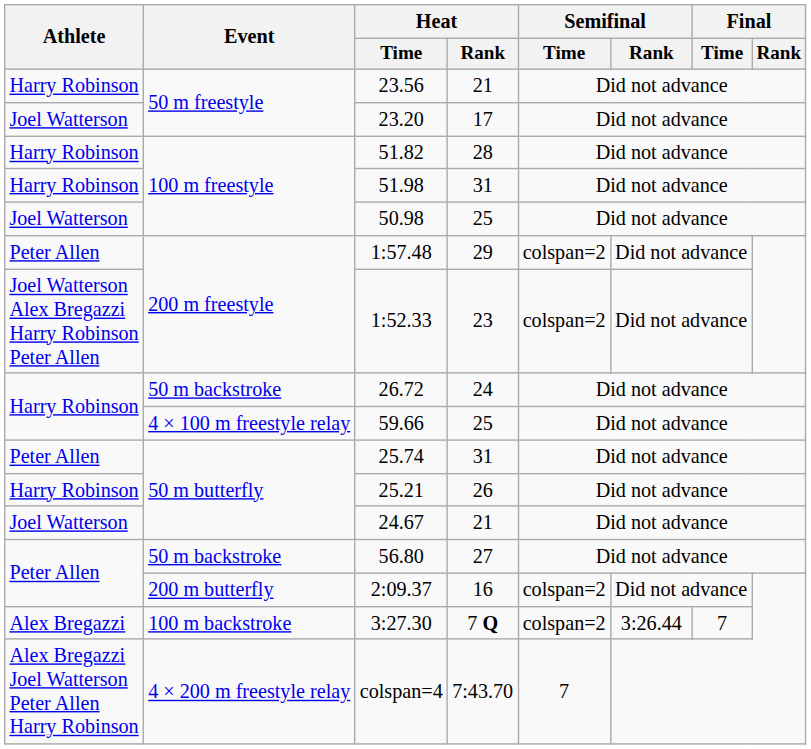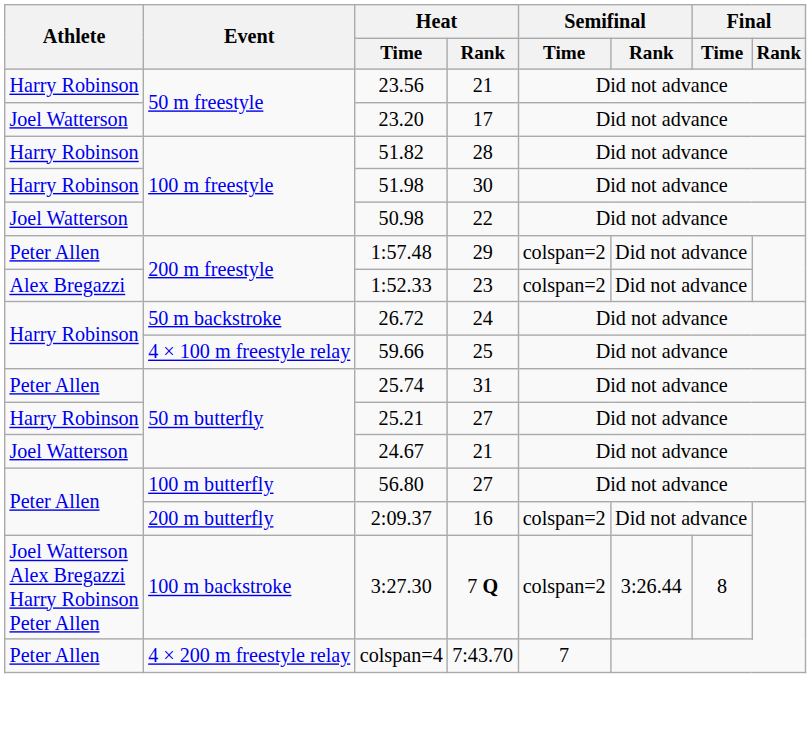 <table class=wikitable style=font-size:90%>
 <tr>
 <th rowspan=2>Athlete</th>
 <th rowspan=2>Event</th>
 <th colspan=2>Heat</th>
 <th colspan=2>Semifinal</th>
 <th colspan=2>Final</th>
 </tr>
 <tr style=font-size:95%>
 <th>Time</th>
 <th>Rank</th>
 <th>Time</th>
 <th>Rank</th>
 <th>Time</th>
 <th>Rank</th>
 </tr>
 <tr align=center>
 <td align=left><a href='#'>Harry Robinson</a></td>
 <td align=left rowspan="2"><a href='#'>50 m freestyle</a></td>
 <td>23.56</td>
 <td>21</td>
 <td colspan=4>Did not advance</td>
 </tr>
 <tr align=center>
 <td align=left><a href='#'>Joel Watterson</a></td>
 <td>23.20</td>
 <td>17</td>
 <td colspan=4>Did not advance</td>
 </tr>
 <tr align=center>
 <td align=left><a href='#'>Harry Robinson</a></td>
 <td align=left rowspan="3"><a href='#'>100 m freestyle</a></td>
 <td>51.82</td>
 <td>28</td>
 <td colspan=4>Did not advance</td>
 </tr>
 <tr align=center>
 <td align=left><a href='#'>Harry Robinson</a></td>
 <td>51.98</td>
-<td>31</td>
+<td>30</td>
 <td colspan=4>Did not advance</td>
 </tr>
 <tr align=center>
 <td align=left><a href='#'>Joel Watterson</a></td>
 <td>50.98</td>
-<td>25</td>
+<td>22</td>
 <td colspan=4>Did not advance</td>
 </tr>
 <tr align=center>
 <td align=left><a href='#'>Peter Allen</a></td>
 <td align=left rowspan="2"><a href='#'>200 m freestyle</a></td>
 <td>1:57.48</td>
 <td>29</td>
 <td>colspan=2 </td>
 <td colspan=2>Did not advance</td>
 </tr>
 <tr align=center>
-<td align=left><a href='#'>Joel Watterson</a><br><a href='#'>Alex Bregazzi</a><br><a href='#'>Harry Robinson</a><br><a href='#'>Peter Allen</a></td>
+<td align=left><a href='#'>Alex Bregazzi</a></td>
 <td>1:52.33</td>
 <td>23</td>
 <td>colspan=2 </td>
 <td colspan=2>Did not advance</td>
 </tr>
 <tr align=center>
 <td align=left rowspan=2><a href='#'>Harry Robinson</a></td>
 <td style="text-align:left;"><a href='#'>50 m backstroke</a></td>
 <td>26.72</td>
 <td>24</td>
 <td colspan=4>Did not advance</td>
 </tr>
 <tr align=center>
 <td align=left><a href='#'>4 × 100 m freestyle relay</a></td>
 <td>59.66</td>
 <td>25</td>
 <td colspan=4>Did not advance</td>
 </tr>
 <tr align=center>
 <td align=left><a href='#'>Peter Allen</a></td>
 <td align=left rowspan="3"><a href='#'>50 m butterfly</a></td>
 <td>25.74</td>
 <td>31</td>
 <td colspan=4>Did not advance</td>
 </tr>
 <tr align=center>
 <td align=left><a href='#'>Harry Robinson</a></td>
 <td>25.21</td>
-<td>26</td>
+<td>27</td>
 <td colspan=4>Did not advance</td>
 </tr>
 <tr align=center>
 <td align=left><a href='#'>Joel Watterson</a></td>
 <td>24.67</td>
 <td>21</td>
 <td colspan=4>Did not advance</td>
 </tr>
 <tr align=center>
 <td align=left rowspan=2><a href='#'>Peter Allen</a></td>
-<td style="text-align:left;"><a href='#'>50 m backstroke</a></td>
+<td align=left rowspan="1"><a href='#'>100 m butterfly</a></td>
 <td>56.80</td>
 <td>27</td>
 <td colspan=4>Did not advance</td>
 </tr>
 <tr align=center>
 <td align=left><a href='#'>200 m butterfly</a></td>
 <td>2:09.37</td>
 <td>16</td>
 <td>colspan=2 </td>
 <td colspan=2>Did not advance</td>
 </tr>
 <tr align=center>
-<td align=left><a href='#'>Alex Bregazzi</a></td>
+<td align=left><a href='#'>Joel Watterson</a><br><a href='#'>Alex Bregazzi</a><br><a href='#'>Harry Robinson</a><br><a href='#'>Peter Allen</a></td>
 <td style="text-align:left;"><a href='#'>100 m backstroke</a></td>
 <td>3:27.30</td>
 <td>7 <strong>Q</strong></td>
 <td>colspan=2 </td>
 <td>3:26.44</td>
-<td>7</td>
+<td>8</td>
 </tr>
 <tr align=center>
-<td align=left><a href='#'>Alex Bregazzi</a><br><a href='#'>Joel Watterson</a><br><a href='#'>Peter Allen</a><br><a href='#'>Harry Robinson</a></td>
+<td align=left><a href='#'>Peter Allen</a></td>
 <td align=left><a href='#'>4 × 200 m freestyle relay</a></td>
 <td>colspan=4 </td>
 <td>7:43.70</td>
 <td>7</td>
 </tr>
 </table>
